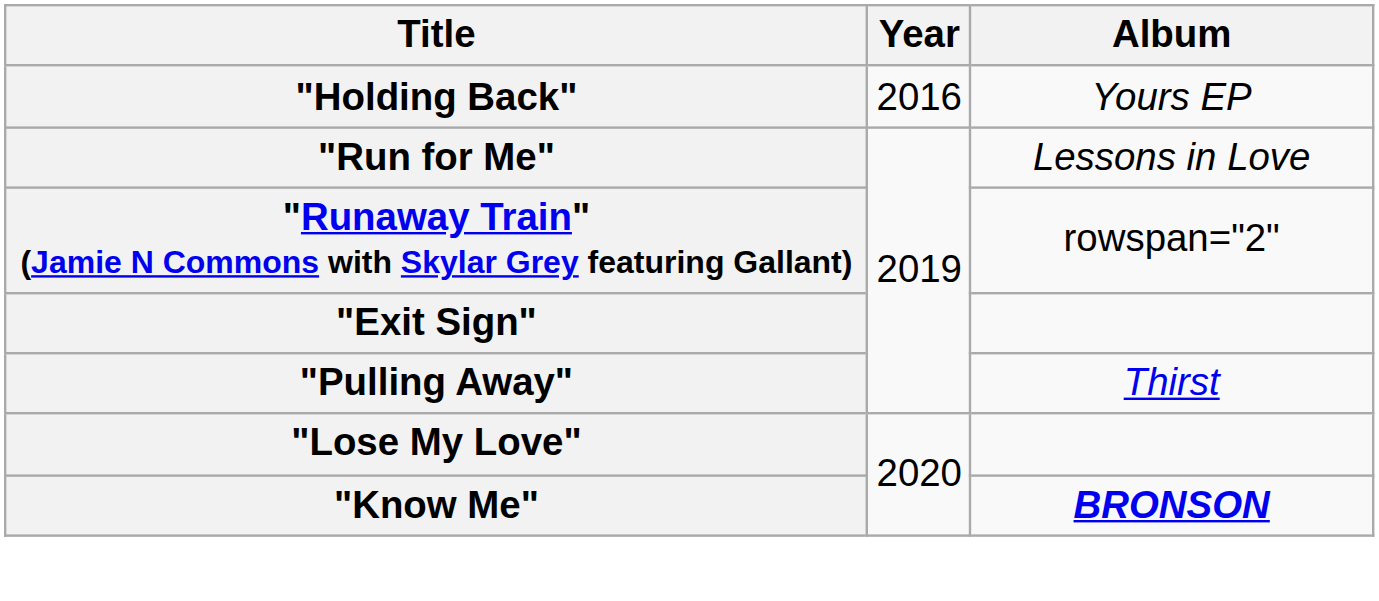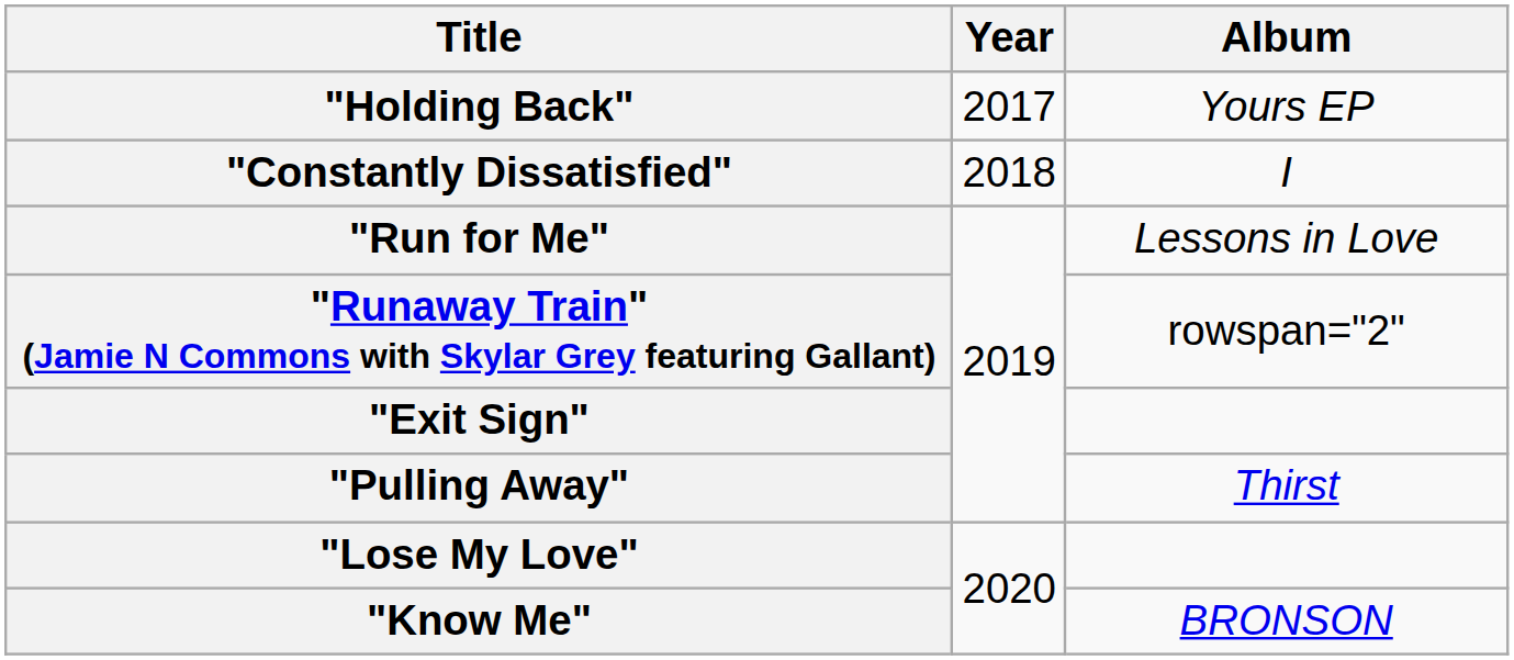 <table class="wikitable plainrowheaders" style="text-align:center;">
 <tr>
 <th scope="col" style="width:22em;">Title</th>
 <th scope="col" style="width:1em;">Year</th>
 <th scope="col" style="width:10em;">Album</th>
 </tr>
 <tr>
 <th scope="row">"Holding Back"<br></th>
-<td>2016</td>
+<td>2017</td>
 <td><em>Yours EP</em></td>
+</tr>
+<tr>
+<th scope="row">"Constantly Dissatisfied"<br></th>
+<td>2018</td>
+<td><em>I</em></td>
 </tr>
 <tr>
 <th scope="row">"Run for Me"<br></th>
 <td rowspan="4">2019</td>
 <td><em>Lessons in Love</em></td>
 </tr>
 <tr>
 <th scope="row">"<a href='#'>Runaway Train</a>"<br><small>(<a href='#'>Jamie N Commons</a> with <a href='#'>Skylar Grey</a> featuring Gallant)</small></th>
 <td>rowspan="2" </td>
 </tr>
 <tr>
 <th scope="row">"Exit Sign" <br></th>
 </tr>
 <tr>
 <th scope="row">"Pulling Away"<br></th>
 <td><em><a href='#'>Thirst</a></em></td>
 </tr>
 <tr>
 <th scope="row">"Lose My Love" <br></th>
 <td rowspan="2">2020</td>
 <td></td>
 </tr>
 <tr>
 <th scope="row">"Know Me"<br></th>
-<td><strong><a href='#'><em>BRONSON</em></a></strong></td>
+<td><a href='#'><em>BRONSON</em></a></td>
 </tr>
 </table>
